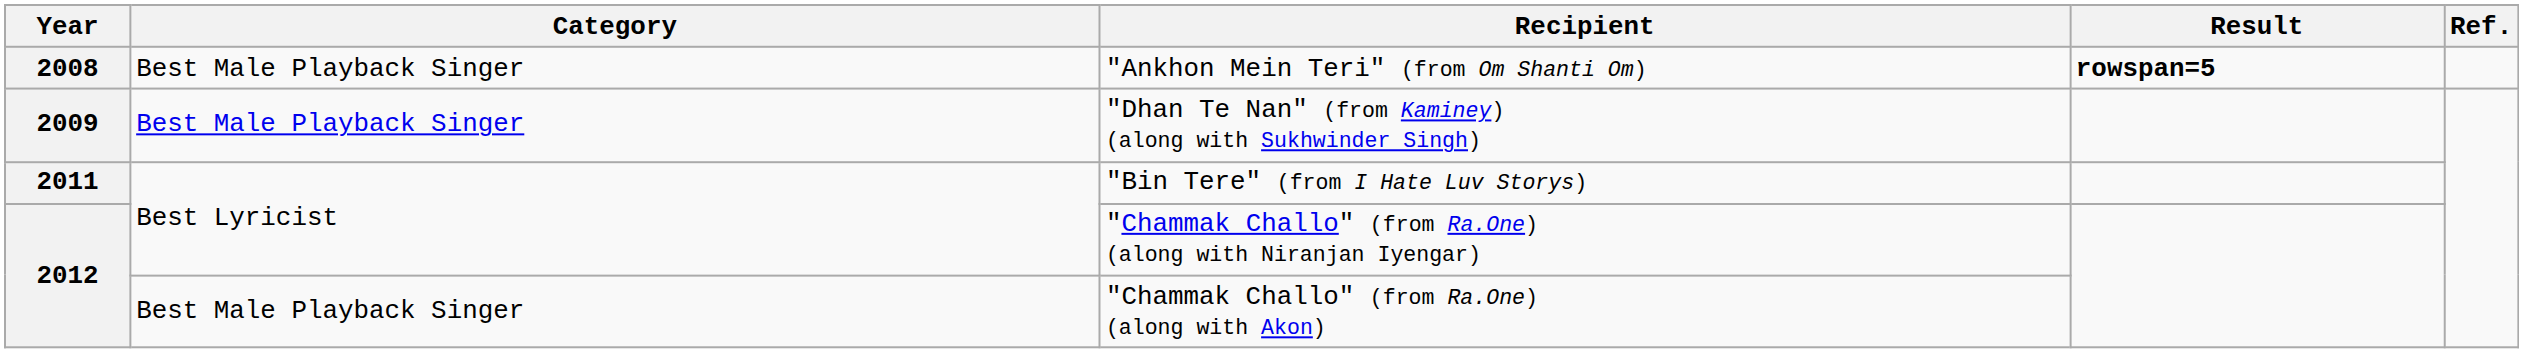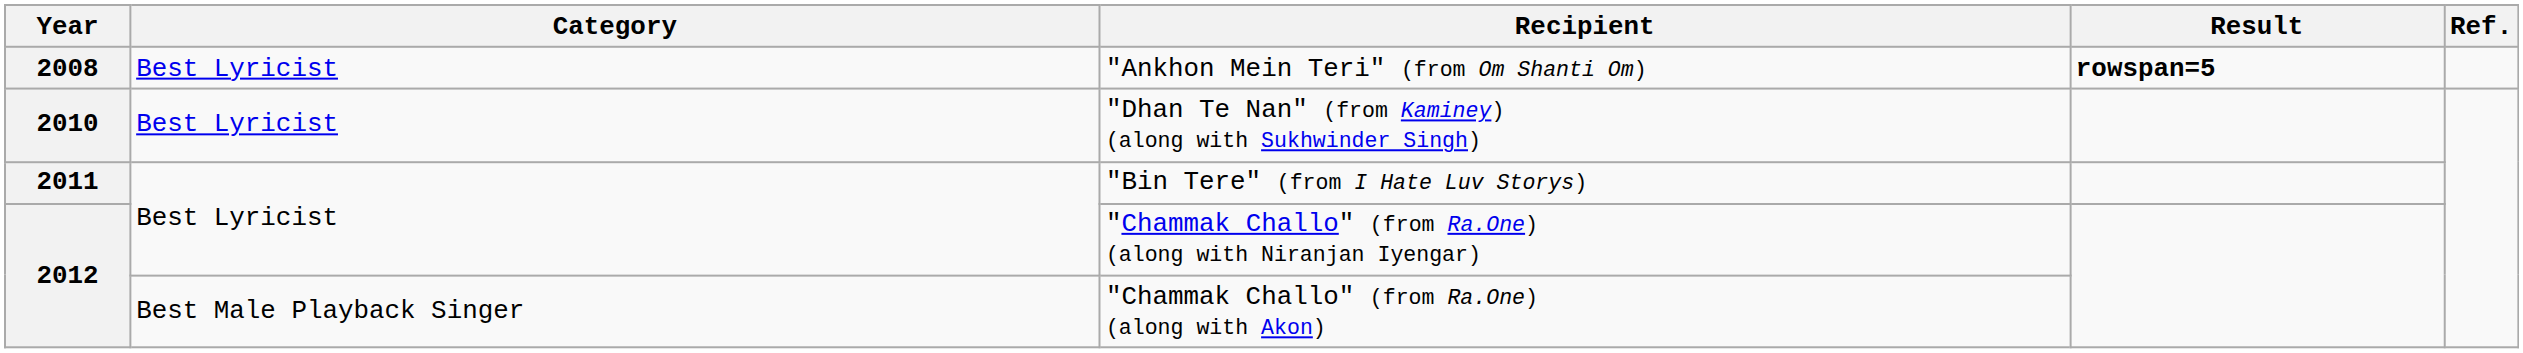 <table class="wikitable plainrowheaders" style="width:100%; textcolor:#000">
 <tr>
 <th scope="col" style="width:5%;"><strong>Year</strong></th>
 <th scope="col" style="width:39%;"><strong>Category</strong></th>
 <th scope="col" style="width:39%;"><strong>Recipient</strong></th>
 <th scope="col" style="width:15%;"><strong>Result</strong></th>
 <th scope="col" style="width:2%;"><strong>Ref.</strong></th>
 </tr>
 <tr>
 <th scope="row">2008</th>
-<td>Best Male Playback Singer</td>
+<td><a href='#'>Best Lyricist</a></td>
 <td>"Ankhon Mein Teri" <small>(from <em>Om Shanti Om</em>)</small></td>
 <td><strong>rowspan=5 </strong></td>
 <td></td>
 </tr>
 <tr>
-<th scope="row">2009</th>
-<td><a href='#'>Best Male Playback Singer</a></td>
+<th scope="row">2010</th>
+<td><a href='#'>Best Lyricist</a></td>
 <td>"Dhan Te Nan" <small>(from <em><a href='#'>Kaminey</a></em>)</small><br><small>(along with <a href='#'>Sukhwinder Singh</a>)</small></td>
 <td></td>
 </tr>
 <tr>
 <th scope="row">2011</th>
 <td rowspan="2">Best Lyricist</td>
 <td>"Bin Tere" <small>(from <em>I Hate Luv Storys</em>)</small></td>
 <td></td>
 </tr>
 <tr>
 <th scope="row" rowspan="2">2012</th>
 <td>"<a href='#'>Chammak Challo</a>" <small>(from <em><a href='#'>Ra.One</a></em>)</small><br><small>(along with Niranjan Iyengar)</small></td>
 <td rowspan="2"></td>
 </tr>
 <tr>
 <td>Best Male Playback Singer</td>
 <td>"Chammak Challo" <small>(from <em>Ra.One</em>)</small><br><small>(along with <a href='#'>Akon</a>)</small></td>
 </tr>
 </table>
